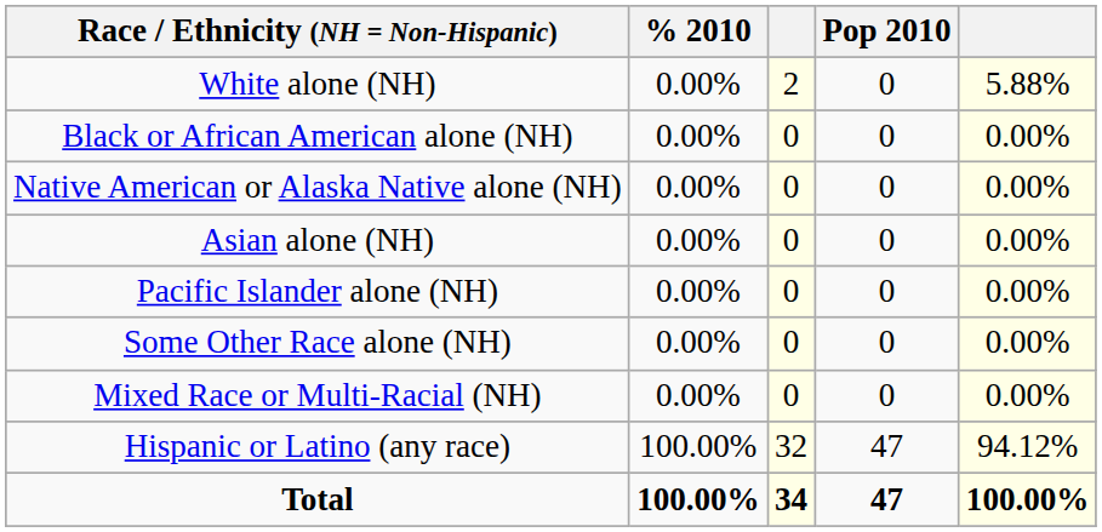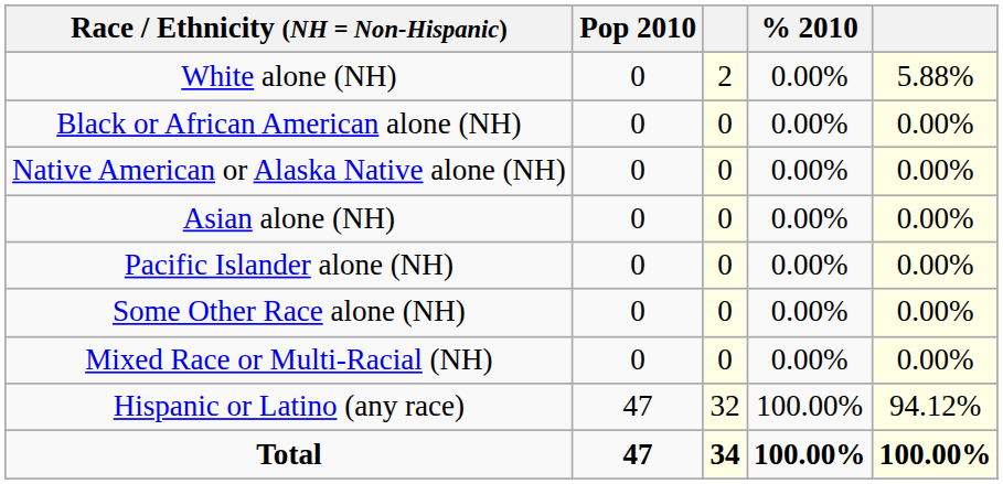 <table class="wikitable" style="text-align:center;">
 <tr>
 <th>Race / Ethnicity <small>(<em>NH = Non-Hispanic</em>)</small></th>
+<th>Pop 2010</th>
+<th></th>
 <th>% 2010</th>
-<th></th>
-<th>Pop 2010</th>
 <th></th>
 </tr>
 <tr>
 <td><a href='#'>White</a> alone (NH)</td>
+<td>0</td>
+<td style='background: #ffffe6;'>2</td>
 <td>0.00%</td>
-<td style='background: #ffffe6;'>2</td>
-<td>0</td>
 <td style='background: #ffffe6;'>5.88%</td>
 </tr>
 <tr>
 <td><a href='#'>Black or African American</a> alone (NH)</td>
+<td>0</td>
+<td style='background: #ffffe6;'>0</td>
 <td>0.00%</td>
-<td style='background: #ffffe6;'>0</td>
-<td>0</td>
 <td style='background: #ffffe6;'>0.00%</td>
 </tr>
 <tr>
 <td><a href='#'>Native American</a> or <a href='#'>Alaska Native</a> alone (NH)</td>
+<td>0</td>
+<td style='background: #ffffe6;'>0</td>
 <td>0.00%</td>
-<td style='background: #ffffe6;'>0</td>
-<td>0</td>
 <td style='background: #ffffe6;'>0.00%</td>
 </tr>
 <tr>
 <td><a href='#'>Asian</a> alone (NH)</td>
+<td>0</td>
+<td style='background: #ffffe6;'>0</td>
 <td>0.00%</td>
-<td style='background: #ffffe6;'>0</td>
-<td>0</td>
 <td style='background: #ffffe6;'>0.00%</td>
 </tr>
 <tr>
 <td><a href='#'>Pacific Islander</a> alone (NH)</td>
+<td>0</td>
+<td style='background: #ffffe6;'>0</td>
 <td>0.00%</td>
-<td style='background: #ffffe6;'>0</td>
-<td>0</td>
 <td style='background: #ffffe6;'>0.00%</td>
 </tr>
 <tr>
 <td><a href='#'>Some Other Race</a> alone (NH)</td>
+<td>0</td>
+<td style='background: #ffffe6;'>0</td>
 <td>0.00%</td>
-<td style='background: #ffffe6;'>0</td>
-<td>0</td>
 <td style='background: #ffffe6;'>0.00%</td>
 </tr>
 <tr>
 <td><a href='#'>Mixed Race or Multi-Racial</a> (NH)</td>
+<td>0</td>
+<td style='background: #ffffe6;'>0</td>
 <td>0.00%</td>
-<td style='background: #ffffe6;'>0</td>
-<td>0</td>
 <td style='background: #ffffe6;'>0.00%</td>
 </tr>
 <tr>
 <td><a href='#'>Hispanic or Latino</a> (any race)</td>
+<td>47</td>
+<td style='background: #ffffe6;'>32</td>
 <td>100.00%</td>
-<td style='background: #ffffe6;'>32</td>
-<td>47</td>
 <td style='background: #ffffe6;'>94.12%</td>
 </tr>
 <tr>
 <td><strong>Total</strong></td>
+<td><strong>47</strong></td>
+<td style='background: #ffffe6;'><strong>34</strong></td>
 <td><strong>100.00%</strong></td>
-<td style='background: #ffffe6;'><strong>34</strong></td>
-<td><strong>47</strong></td>
 <td style='background: #ffffe6;'><strong>100.00%</strong></td>
 </tr>
 </table>
